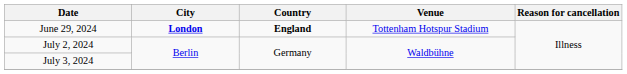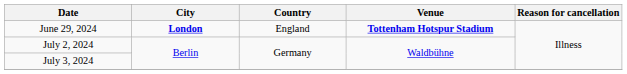 <table class="wikitable" style="text-align:center;">
 <tr>
 <th scope="col" style="width:12em;">Date</th>
 <th scope="col" style="width:10em;">City</th>
 <th scope="col" style="width:10em;">Country</th>
 <th scope="col" style="width:16em;">Venue</th>
 <th scope="col" style="width:10em;">Reason for cancellation</th>
 </tr>
 <tr>
 <td>June 29, 2024</td>
 <td><strong><a href='#'>London</a></strong></td>
-<td><strong>England</strong></td>
-<td><a href='#'>Tottenham Hotspur Stadium</a></td>
+<td>England</td>
+<td><strong><a href='#'>Tottenham Hotspur Stadium</a></strong></td>
 <td rowspan="3">Illness</td>
 </tr>
 <tr>
 <td>July 2, 2024</td>
 <td rowspan="2"><a href='#'>Berlin</a></td>
 <td rowspan="2">Germany</td>
 <td rowspan="2"><a href='#'>Waldbühne</a></td>
 </tr>
 <tr>
 <td>July 3, 2024</td>
 </tr>
 <tr>
 </tr>
 </table>
